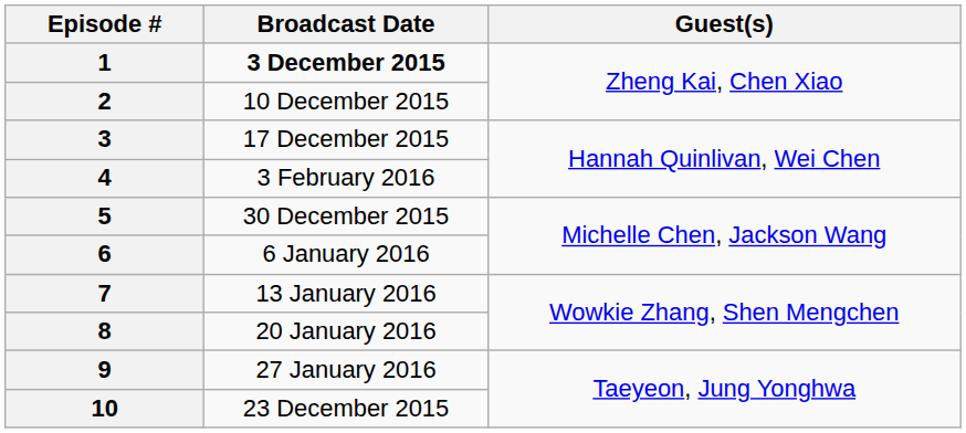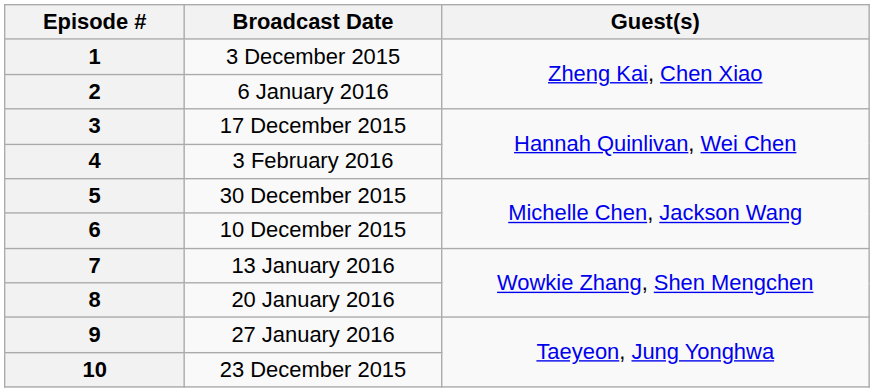 <table class="wikitable" style="text-align:center; width:50%">
 <tr>
 <th style="width:10%;”">Episode #</th>
 <th style="width:15%;”">Broadcast Date</th>
 <th style="width:25%;”">Guest(s)</th>
 </tr>
 <tr>
 <th>1</th>
-<td><strong>3 December 2015</strong></td>
+<td>3 December 2015</td>
 <td rowspan="2"><a href='#'>Zheng Kai</a>, <a href='#'>Chen Xiao</a></td>
 </tr>
 <tr>
 <th>2</th>
-<td>10 December 2015</td>
+<td>6 January 2016</td>
 </tr>
 <tr>
 <th>3</th>
 <td>17 December 2015</td>
 <td rowspan="2"> <a href='#'>Hannah Quinlivan</a>, <a href='#'>Wei Chen</a></td>
 </tr>
 <tr>
 <th>4</th>
 <td>3 February 2016</td>
 </tr>
 <tr>
 <th>5</th>
 <td>30 December 2015</td>
 <td rowspan="2"> <a href='#'>Michelle Chen</a>,  <a href='#'>Jackson Wang</a></td>
 </tr>
 <tr>
 <th>6</th>
-<td>6 January 2016</td>
+<td>10 December 2015</td>
 </tr>
 <tr>
 <th>7</th>
 <td>13 January 2016</td>
 <td rowspan="2"><a href='#'>Wowkie Zhang</a>, <a href='#'>Shen Mengchen</a></td>
 </tr>
 <tr>
 <th>8</th>
 <td>20 January 2016</td>
 </tr>
 <tr>
 <th>9</th>
 <td>27 January 2016</td>
 <td rowspan="2"> <a href='#'>Taeyeon</a>,  <a href='#'>Jung Yonghwa</a></td>
 </tr>
 <tr>
 <th>10</th>
 <td>23 December 2015</td>
 </tr>
 </table>
